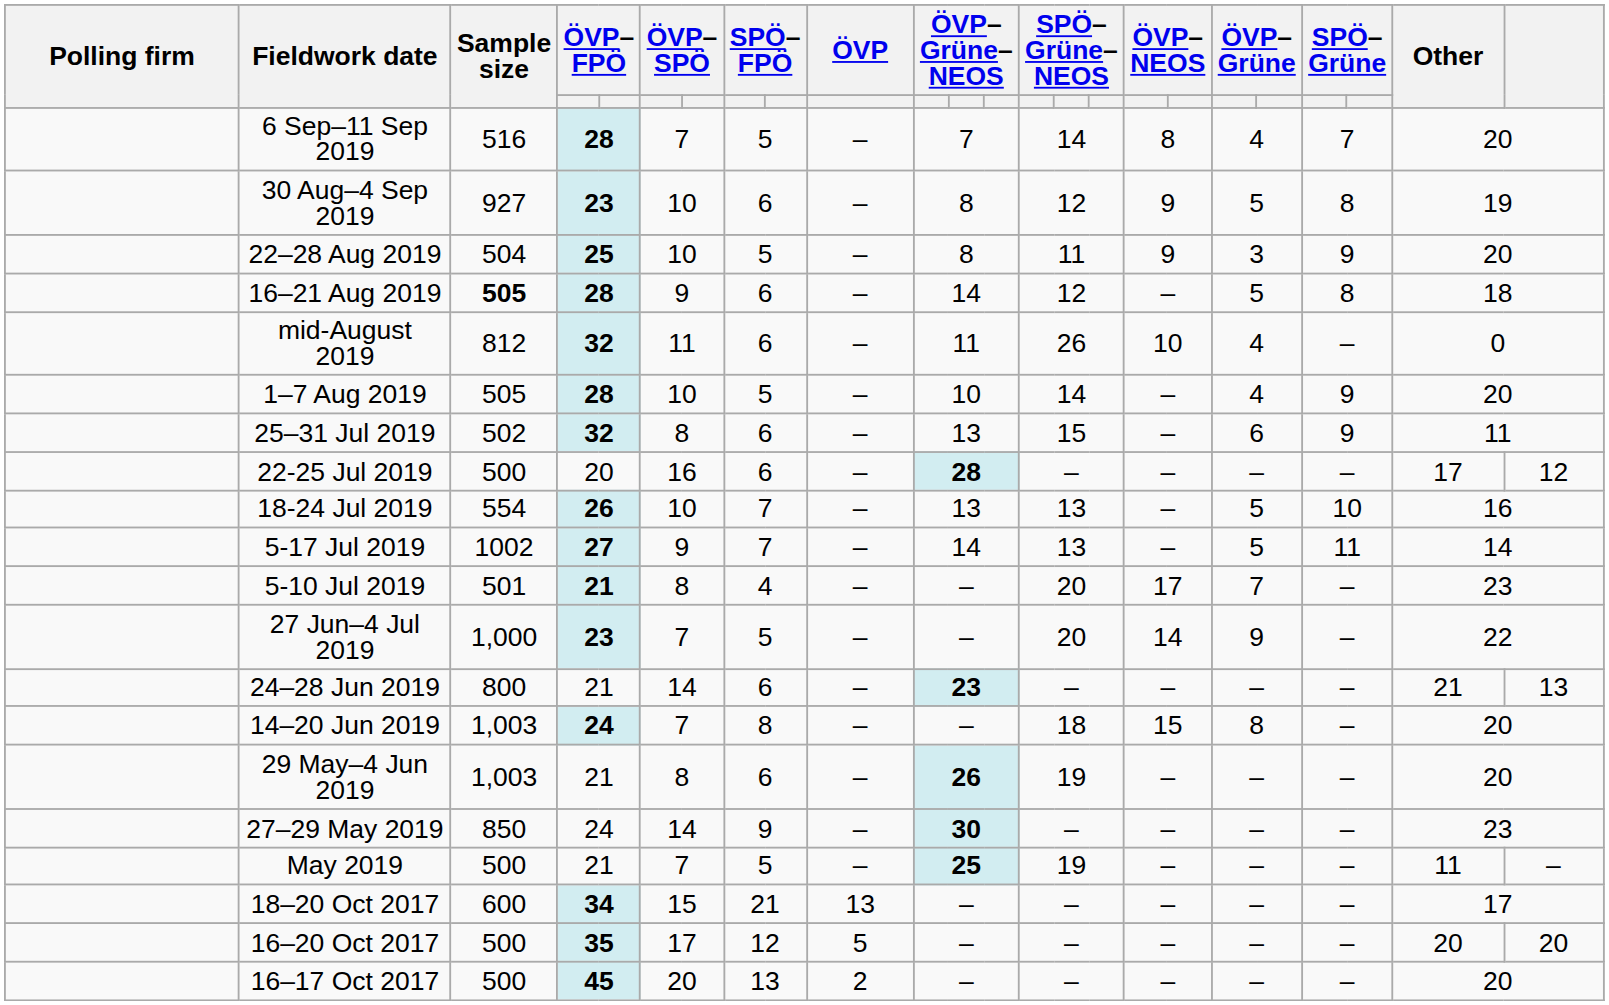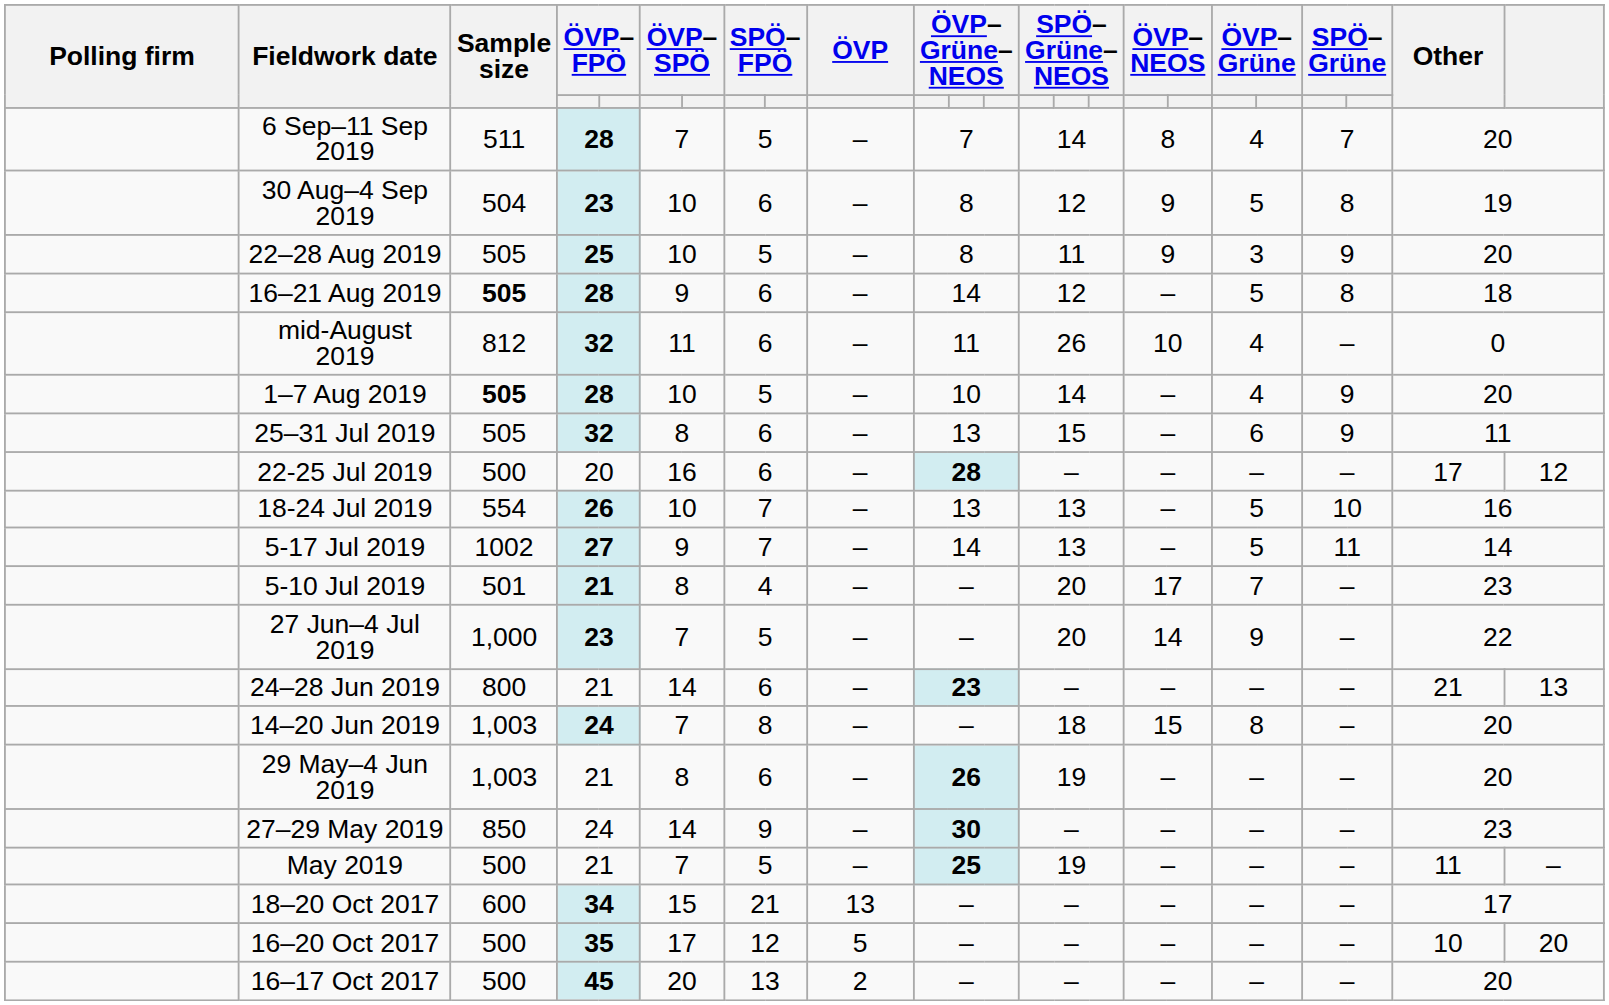 <table class="wikitable sortable" style="text-align:center;font-size:90%;line-height:14px;">
 <tr style="height:40px;">
 <th style="width:150px;" rowspan="2">Polling firm</th>
 <th style="width:125px;" rowspan="2">Fieldwork date</th>
 <th style="width:35px;" rowspan="2">Sample<br>size</th>
 <th class="unsortable" style="width:60px;" colspan="2"><a href='#'>ÖVP</a>–<a href='#'>FPÖ</a></th>
 <th class="unsortable" style="width:60px;" colspan="2"><a href='#'>ÖVP</a>–<a href='#'>SPÖ</a></th>
 <th class="unsortable" style="width:60px;" colspan="2"><a href='#'>SPÖ</a>–<a href='#'>FPÖ</a></th>
 <th class="unsortable" style="width:60px;"><a href='#'>ÖVP</a></th>
 <th class="unsortable" style="width:60px;" colspan="3"><a href='#'>ÖVP</a>–<a href='#'>Grüne</a>–<br><a href='#'>NEOS</a></th>
 <th class="unsortable" style="width:60px;" colspan="3"><a href='#'>SPÖ</a>–<a href='#'>Grüne</a>–<br><a href='#'>NEOS</a></th>
 <th class="unsortable" style="width:60px;" colspan="2"><a href='#'>ÖVP</a>–<a href='#'>NEOS</a></th>
 <th class="unsortable" style="width:60px;" colspan="2"><a href='#'>ÖVP</a>–<a href='#'>Grüne</a></th>
 <th class="unsortable" style="width:60px;" colspan="2"><a href='#'>SPÖ</a>–<a href='#'>Grüne</a></th>
 <th class="unsortable" style="width:60px;" rowspan="2">Other</th>
 <th class="unsortable" style="width:60px;" rowspan="2"><br></th>
 </tr>
 <tr>
 <th style="background:"></th>
 <th style="background:"></th>
 <th style="background:"></th>
 <th style="background:"></th>
 <th style="background:"></th>
 <th style="background:"></th>
 <th style="background:"></th>
 <th style="background:"></th>
 <th style="background:"></th>
 <th style="background:"></th>
 <th style="background:"></th>
 <th style="background:"></th>
 <th style="background:"></th>
 <th style="background:"></th>
 <th style="background:"></th>
 <th style="background:"></th>
 <th style="background:"></th>
 <th style="background:"></th>
 <th style="background:"></th>
 </tr>
 <tr>
 <td></td>
 <td data-sort-value="2019-09-12">6 Sep–11 Sep 2019</td>
-<td>516</td>
+<td>511</td>
 <td style="background:#D2EDF1;" colspan="2"><strong>28</strong></td>
 <td colspan="2">7</td>
 <td colspan="2">5</td>
 <td>–</td>
 <td colspan="3">7</td>
 <td colspan="3">14</td>
 <td colspan="2">8</td>
 <td colspan="2">4</td>
 <td colspan="2">7</td>
 <td colspan="2">20</td>
 </tr>
 <tr>
 <td></td>
 <td data-sort-value="2019-09-04">30 Aug–4 Sep 2019</td>
-<td>927</td>
+<td>504</td>
 <td style="background:#D2EDF1;" colspan="2"><strong>23</strong></td>
 <td colspan="2">10</td>
 <td colspan="2">6</td>
 <td>–</td>
 <td colspan="3">8</td>
 <td colspan="3">12</td>
 <td colspan="2">9</td>
 <td colspan="2">5</td>
 <td colspan="2">8</td>
 <td colspan="2">19</td>
 </tr>
 <tr>
 <td></td>
 <td data-sort-value="2019-08-28">22–28 Aug 2019</td>
-<td>504</td>
+<td>505</td>
 <td style="background:#D2EDF1;" colspan="2"><strong>25</strong></td>
 <td colspan="2">10</td>
 <td colspan="2">5</td>
 <td>–</td>
 <td colspan="3">8</td>
 <td colspan="3">11</td>
 <td colspan="2">9</td>
 <td colspan="2">3</td>
 <td colspan="2">9</td>
 <td colspan="2">20</td>
 </tr>
 <tr>
 <td></td>
 <td>16–21 Aug 2019</td>
 <td><strong>505</strong></td>
 <td style="background:#D2EDF1;" colspan="2"><strong>28</strong></td>
 <td colspan="2">9</td>
 <td colspan="2">6</td>
 <td>–</td>
 <td colspan="3">14</td>
 <td colspan="3">12</td>
 <td colspan="2">–</td>
 <td colspan="2">5</td>
 <td colspan="2">8</td>
 <td colspan="2">18</td>
 </tr>
 <tr>
 <td></td>
 <td>mid-August 2019</td>
 <td>812</td>
 <td style="background:#D2EDF1;" colspan="2"><strong>32</strong></td>
 <td colspan="2">11</td>
 <td colspan="2">6</td>
 <td>–</td>
 <td colspan="3">11</td>
 <td colspan="3">26</td>
 <td colspan="2">10</td>
 <td colspan="2">4</td>
 <td colspan="2">–</td>
 <td colspan="2">0</td>
 </tr>
 <tr>
 <td></td>
 <td>1–7 Aug 2019</td>
-<td>505</td>
+<td><strong>505</strong></td>
 <td style="background:#D2EDF1;" colspan="2"><strong>28</strong></td>
 <td colspan="2">10</td>
 <td colspan="2">5</td>
 <td>–</td>
 <td colspan="3">10</td>
 <td colspan="3">14</td>
 <td colspan="2">–</td>
 <td colspan="2">4</td>
 <td colspan="2">9</td>
 <td colspan="2">20</td>
 </tr>
 <tr>
 <td></td>
 <td>25–31 Jul 2019</td>
-<td>502</td>
+<td>505</td>
 <td style="background:#D2EDF1;" colspan="2"><strong>32</strong></td>
 <td colspan="2">8</td>
 <td colspan="2">6</td>
 <td>–</td>
 <td colspan="3">13</td>
 <td colspan="3">15</td>
 <td colspan="2">–</td>
 <td colspan="2">6</td>
 <td colspan="2">9</td>
 <td colspan="2">11</td>
 </tr>
 <tr>
 <td></td>
 <td data-sort-value="2019-07-27">22-25 Jul 2019</td>
 <td>500</td>
 <td colspan="2">20</td>
 <td colspan="2">16</td>
 <td colspan="2">6</td>
 <td>–</td>
 <td style="background:#D2EDF1;" colspan="3"><strong>28</strong></td>
 <td colspan="3">–</td>
 <td colspan="2">–</td>
 <td colspan="2">–</td>
 <td colspan="2">–</td>
 <td colspan="1">17</td>
 <td colspan="1">12</td>
 </tr>
 <tr>
 <td></td>
 <td data-sort-value="2019-07-25">18-24 Jul 2019</td>
 <td>554</td>
 <td style="background:#D2EDF1;" colspan="2"><strong>26</strong></td>
 <td colspan="2">10</td>
 <td colspan="2">7</td>
 <td>–</td>
 <td colspan="3">13</td>
 <td colspan="3">13</td>
 <td colspan="2">–</td>
 <td colspan="2">5</td>
 <td colspan="2">10</td>
 <td colspan="2">16</td>
 </tr>
 <tr>
 <td></td>
 <td data-sort-value="2019-07-18">5-17 Jul 2019</td>
 <td>1002</td>
 <td style="background:#D2EDF1;" colspan="2"><strong>27</strong></td>
 <td colspan="2">9</td>
 <td colspan="2">7</td>
 <td>–</td>
 <td colspan="3">14</td>
 <td colspan="3">13</td>
 <td colspan="2">–</td>
 <td colspan="2">5</td>
 <td colspan="2">11</td>
 <td colspan="2">14</td>
 </tr>
 <tr>
 <td></td>
 <td data-sort-value="2019-07-10">5-10 Jul 2019</td>
 <td>501</td>
 <td style="background:#D2EDF1;" colspan="2"><strong>21</strong></td>
 <td colspan="2">8</td>
 <td colspan="2">4</td>
 <td>–</td>
 <td colspan="3">–</td>
 <td colspan="3">20</td>
 <td colspan="2">17</td>
 <td colspan="2">7</td>
 <td colspan="2">–</td>
 <td colspan="2">23</td>
 </tr>
 <tr>
 <td></td>
 <td data-sort-value="2019-07-04">27 Jun–4 Jul 2019</td>
 <td>1,000</td>
 <td style="background:#D2EDF1;" colspan="2"><strong>23</strong></td>
 <td colspan="2">7</td>
 <td colspan="2">5</td>
 <td>–</td>
 <td colspan="3">–</td>
 <td colspan="3">20</td>
 <td colspan="2">14</td>
 <td colspan="2">9</td>
 <td colspan="2">–</td>
 <td colspan="2">22</td>
 </tr>
 <tr>
 <td></td>
 <td data-sort-value="2019-06-28">24–28 Jun 2019</td>
 <td>800</td>
 <td colspan="2">21</td>
 <td colspan="2">14</td>
 <td colspan="2">6</td>
 <td>–</td>
 <td style="background:#D2EDF1;" colspan="3"><strong>23</strong></td>
 <td colspan="3">–</td>
 <td colspan="2">–</td>
 <td colspan="2">–</td>
 <td colspan="2">–</td>
 <td>21</td>
 <td>13</td>
 </tr>
 <tr>
 <td></td>
 <td data-sort-value="2019-06-20">14–20 Jun 2019</td>
 <td>1,003</td>
 <td style="background:#D2EDF1;" colspan="2"><strong>24</strong></td>
 <td colspan="2">7</td>
 <td colspan="2">8</td>
 <td>–</td>
 <td colspan="3">–</td>
 <td colspan="3">18</td>
 <td colspan="2">15</td>
 <td colspan="2">8</td>
 <td colspan="2">–</td>
 <td colspan="2">20</td>
 </tr>
 <tr>
 <td></td>
 <td data-sort-value="2019-06-04">29 May–4 Jun 2019</td>
 <td>1,003</td>
 <td colspan="2">21</td>
 <td colspan="2">8</td>
 <td colspan="2">6</td>
 <td>–</td>
 <td style="background:#D2EDF1;" colspan="3"><strong>26</strong></td>
 <td colspan="3">19</td>
 <td colspan="2">–</td>
 <td colspan="2">–</td>
 <td colspan="2">–</td>
 <td colspan="2">20</td>
 </tr>
 <tr>
 <td></td>
 <td data-sort-value="2019-05-29">27–29 May 2019</td>
 <td>850</td>
 <td colspan="2">24</td>
 <td colspan="2">14</td>
 <td colspan="2">9</td>
 <td>–</td>
 <td style="background:#D2EDF1;" colspan="3"><strong>30</strong></td>
 <td colspan="3">–</td>
 <td colspan="2">–</td>
 <td colspan="2">–</td>
 <td colspan="2">–</td>
 <td colspan="2">23</td>
 </tr>
 <tr>
 <td></td>
 <td data-sort-value="2019-05">May 2019</td>
 <td>500</td>
 <td colspan="2">21</td>
 <td colspan="2">7</td>
 <td colspan="2">5</td>
 <td>–</td>
 <td style="background:#D2EDF1;" colspan="3"><strong>25</strong></td>
 <td colspan="3">19</td>
 <td colspan="2">–</td>
 <td colspan="2">–</td>
 <td colspan="2">–</td>
 <td>11</td>
 <td>–</td>
 </tr>
 <tr>
 <td></td>
 <td data-sort-value="2017-10-20">18–20 Oct 2017</td>
 <td>600</td>
 <td style="background:#D2EDF1;" colspan="2"><strong>34</strong></td>
 <td colspan="2">15</td>
 <td colspan="2">21</td>
 <td>13</td>
 <td colspan="3">–</td>
 <td colspan="3">–</td>
 <td colspan="2">–</td>
 <td colspan="2">–</td>
 <td colspan="2">–</td>
 <td colspan="2">17</td>
 </tr>
 <tr>
 <td></td>
 <td data-sort-value="2017-10-20">16–20 Oct 2017</td>
 <td>500</td>
 <td style="background:#D2EDF1;" colspan="2"><strong>35</strong></td>
 <td colspan="2">17</td>
 <td colspan="2">12</td>
 <td>5</td>
 <td colspan="3">–</td>
 <td colspan="3">–</td>
 <td colspan="2">–</td>
 <td colspan="2">–</td>
 <td colspan="2">–</td>
-<td>20</td>
+<td>10</td>
 <td>20</td>
 </tr>
 <tr>
 <td></td>
 <td data-sort-value="2017-10-17">16–17 Oct 2017</td>
 <td>500</td>
 <td style="background:#D2EDF1;" colspan="2"><strong>45</strong></td>
 <td colspan="2">20</td>
 <td colspan="2">13</td>
 <td>2</td>
 <td colspan="3">–</td>
 <td colspan="3">–</td>
 <td colspan="2">–</td>
 <td colspan="2">–</td>
 <td colspan="2">–</td>
 <td colspan="2">20</td>
 </tr>
 </table>
